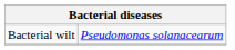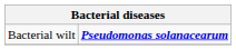 <table class="wikitable" style="clear">
 <tr>
 <th colspan=2><strong>Bacterial diseases</strong><br></th>
 </tr>
 <tr>
 <td>Bacterial wilt</td>
-<td><em><a href='#'>Pseudomonas solanacearum</a></em></td>
+<td><strong><em><a href='#'>Pseudomonas solanacearum</a></em></strong></td>
 </tr>
 <tr>
 </tr>
 </table>
